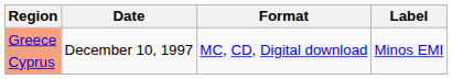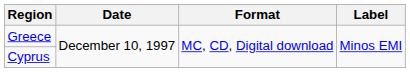 <table class="sortable wikitable">
 <tr>
 <th>Region</th>
 <th>Date</th>
 <th>Format</th>
 <th>Label</th>
 </tr>
 <tr>
-<td style="background: lightsalmon;"><a href='#'>Greece</a></td>
+<td><a href='#'>Greece</a></td>
 <td rowspan="2">December 10, 1997</td>
 <td rowspan="2"><a href='#'>MC</a>, <a href='#'>CD</a>, <a href='#'>Digital download</a></td>
 <td rowspan="2"><a href='#'>Minos EMI</a></td>
 </tr>
 <tr>
-<td style="background: lightsalmon;"><a href='#'>Cyprus</a></td>
+<td><a href='#'>Cyprus</a></td>
 </tr>
 </table>
